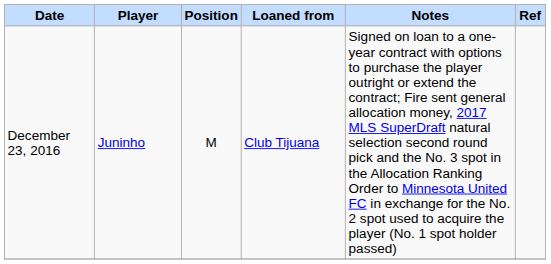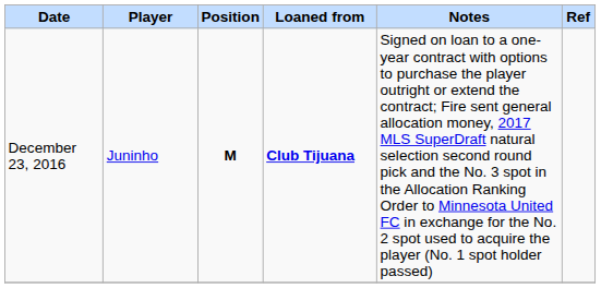 <table class="wikitable" style="text-align:left; font-size:95%;">
 <tr>
 <th style="background:#c2ddff; width:120px;">Date</th>
 <th style="background:#c2ddff; width:130px;">Player</th>
 <th style="background:#c2ddff; width:50px;">Position</th>
 <th style="background:#c2ddff; width:170px;">Loaned from</th>
 <th style="background:#c2ddff; width:300px;">Notes</th>
 <th style="background:#c2ddff; width:30px;">Ref</th>
 </tr>
 <tr>
 <td>December 23, 2016</td>
 <td> <a href='#'>Juninho</a></td>
-<td align=center>M</td>
-<td> <a href='#'>Club Tijuana</a></td>
+<td align=center><strong>M</strong></td>
+<td><strong> <a href='#'>Club Tijuana</a></strong></td>
 <td>Signed on loan to a one-year contract with options to purchase the player outright or extend the contract; Fire sent general allocation money, <a href='#'>2017 MLS SuperDraft</a> natural selection second round pick and the No. 3 spot in the Allocation Ranking Order to <a href='#'>Minnesota United FC</a> in exchange for the No. 2 spot used to acquire the player (No. 1 spot holder passed)</td>
 <td></td>
 </tr>
 <tr>
 </tr>
 </table>
